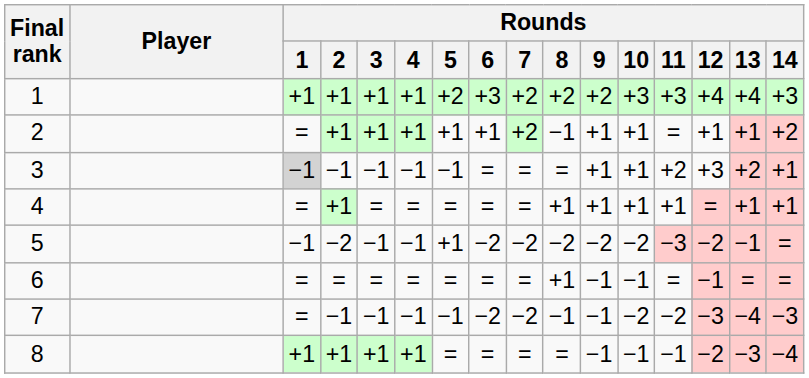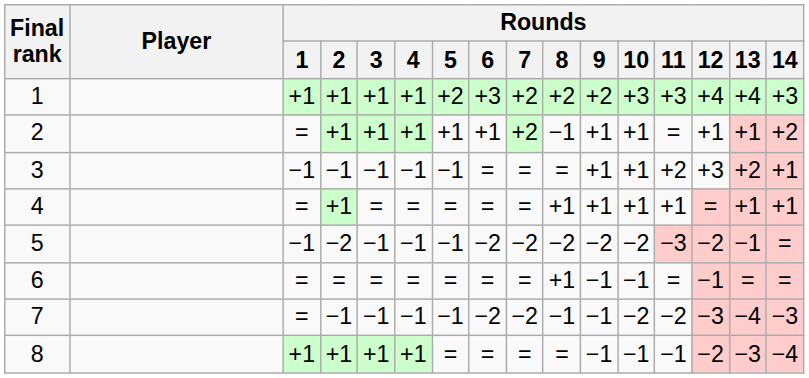 <table class="wikitable" style="font-size:100%; text-align:center; white-space: nowrap;">
 <tr>
 <th rowspan=2>Final<br>rank</th>
 <th ! style="width:140px;" rowspan=2>Player</th>
 <th ! colspan=14>Rounds</th>
 </tr>
 <tr>
 <th>1</th>
 <th>2</th>
 <th>3</th>
 <th>4</th>
 <th>5</th>
 <th>6</th>
 <th>7</th>
 <th>8</th>
 <th>9</th>
 <th>10</th>
 <th>11</th>
 <th>12</th>
 <th>13</th>
 <th>14</th>
 </tr>
 <tr>
 <td>1</td>
 <td align="left"></td>
 <td bgcolor="#ccffcc">+1</td>
 <td bgcolor="#ccffcc">+1</td>
 <td bgcolor="#ccffcc">+1</td>
 <td bgcolor="#ccffcc">+1</td>
 <td bgcolor="#ccffcc">+2</td>
 <td bgcolor="#ccffcc">+3</td>
 <td bgcolor="#ccffcc">+2</td>
 <td bgcolor="#ccffcc">+2</td>
 <td bgcolor="#ccffcc">+2</td>
 <td bgcolor="#ccffcc">+3</td>
 <td bgcolor="#ccffcc">+3</td>
 <td bgcolor="#ccffcc">+4</td>
 <td bgcolor="#ccffcc">+4</td>
 <td bgcolor="#ccffcc">+3</td>
 </tr>
 <tr>
 <td>2</td>
 <td align="left"></td>
 <td>=</td>
 <td bgcolor="#ccffcc">+1</td>
 <td bgcolor="#ccffcc">+1</td>
 <td bgcolor="#ccffcc">+1</td>
 <td>+1</td>
 <td>+1</td>
 <td bgcolor="#ccffcc">+2</td>
 <td>−1</td>
 <td>+1</td>
 <td>+1</td>
 <td>=</td>
 <td>+1</td>
 <td bgcolor=#ffcccc>+1</td>
 <td bgcolor=#ffcccc>+2</td>
 </tr>
 <tr>
 <td>3</td>
 <td align="left"></td>
-<td style="background: lightgrey;">−1</td>
+<td>−1</td>
 <td>−1</td>
 <td>−1</td>
 <td>−1</td>
 <td>−1</td>
 <td>=</td>
 <td>=</td>
 <td>=</td>
 <td>+1</td>
 <td>+1</td>
 <td>+2</td>
 <td>+3</td>
 <td bgcolor=#ffcccc>+2</td>
 <td bgcolor=#ffcccc>+1</td>
 </tr>
 <tr>
 <td>4</td>
 <td align="left"></td>
 <td>=</td>
 <td bgcolor="#ccffcc">+1</td>
 <td>=</td>
 <td>=</td>
 <td>=</td>
 <td>=</td>
 <td>=</td>
 <td>+1</td>
 <td>+1</td>
 <td>+1</td>
 <td>+1</td>
 <td bgcolor=#ffcccc>=</td>
 <td bgcolor=#ffcccc>+1</td>
 <td bgcolor=#ffcccc>+1</td>
 </tr>
 <tr>
 <td>5</td>
 <td align="left"></td>
 <td>−1</td>
 <td>−2</td>
 <td>−1</td>
 <td>−1</td>
-<td>+1</td>
+<td>−1</td>
 <td>−2</td>
 <td>−2</td>
 <td>−2</td>
 <td>−2</td>
 <td>−2</td>
 <td bgcolor=#ffcccc>−3</td>
 <td bgcolor=#ffcccc>−2</td>
 <td bgcolor="#ffcccc">−1</td>
 <td bgcolor=#ffcccc>=</td>
 </tr>
 <tr>
 <td>6</td>
 <td align="left"></td>
 <td>=</td>
 <td>=</td>
 <td>=</td>
 <td>=</td>
 <td>=</td>
 <td>=</td>
 <td>=</td>
 <td>+1</td>
 <td>−1</td>
 <td>−1</td>
 <td>=</td>
 <td bgcolor=#ffcccc>−1</td>
 <td bgcolor=#ffcccc>=</td>
 <td bgcolor="#ffcccc">=</td>
 </tr>
 <tr>
 <td>7</td>
 <td align="left"></td>
 <td>=</td>
 <td>−1</td>
 <td>−1</td>
 <td>−1</td>
 <td>−1</td>
 <td>−2</td>
 <td>−2</td>
 <td>−1</td>
 <td>−1</td>
 <td>−2</td>
 <td>−2</td>
 <td bgcolor=#ffcccc>−3</td>
 <td bgcolor=#ffcccc>−4</td>
 <td bgcolor=#ffcccc>−3</td>
 </tr>
 <tr>
 <td>8</td>
 <td align="left"></td>
 <td bgcolor=#ccffcc>+1</td>
 <td bgcolor=#ccffcc>+1</td>
 <td bgcolor=#ccffcc>+1</td>
 <td bgcolor=#ccffcc>+1</td>
 <td>=</td>
 <td>=</td>
 <td>=</td>
 <td>=</td>
 <td>−1</td>
 <td>−1</td>
 <td>−1</td>
 <td bgcolor=#ffcccc>−2</td>
 <td bgcolor=#ffcccc>−3</td>
 <td bgcolor=#ffcccc>−4</td>
 </tr>
 </table>
